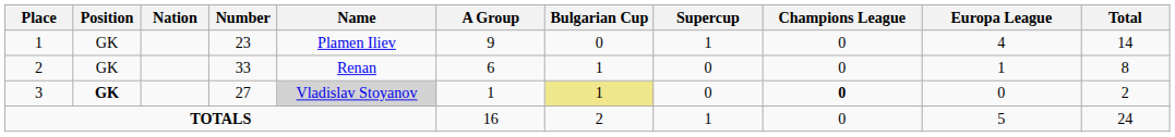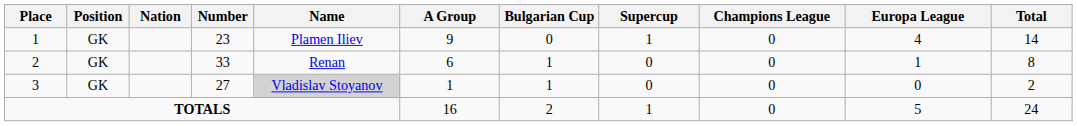 <table class="wikitable" style="font-size: 95%; text-align: center;">
 <tr>
 <th width=60>Place</th>
 <th width=60>Position</th>
 <th width=60>Nation</th>
 <th width=60>Number</th>
 <th width=150>Name</th>
 <th width=100>A Group</th>
 <th width=100>Bulgarian Cup</th>
 <th width=100>Supercup</th>
 <th width=150>Champions League</th>
 <th width=150>Europa League</th>
 <th width=80>Total</th>
 </tr>
 <tr>
 <td>1</td>
 <td>GK</td>
 <td></td>
 <td>23</td>
 <td><a href='#'>Plamen Iliev</a></td>
 <td>9</td>
 <td>0</td>
 <td>1</td>
 <td>0</td>
 <td>4</td>
 <td>14</td>
 </tr>
 <tr>
 <td>2</td>
 <td>GK</td>
 <td></td>
 <td>33</td>
 <td><a href='#'>Renan</a></td>
 <td>6</td>
 <td>1</td>
 <td>0</td>
 <td>0</td>
 <td>1</td>
 <td>8</td>
 </tr>
 <tr>
 <td>3</td>
-<td><strong>GK</strong></td>
+<td>GK</td>
 <td></td>
 <td>27</td>
 <td style="background: lightgrey;"><a href='#'>Vladislav Stoyanov</a></td>
 <td>1</td>
-<td style="background: khaki;">1</td>
+<td>1</td>
 <td>0</td>
-<td><strong>0</strong></td>
+<td>0</td>
 <td>0</td>
 <td>2</td>
 </tr>
 <tr>
 <td colspan="5"><strong>TOTALS</strong></td>
 <td>16</td>
 <td>2</td>
 <td>1</td>
 <td>0</td>
 <td>5</td>
 <td>24</td>
 </tr>
 </table>
